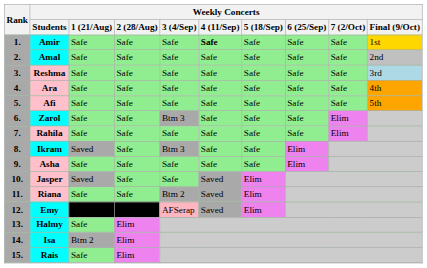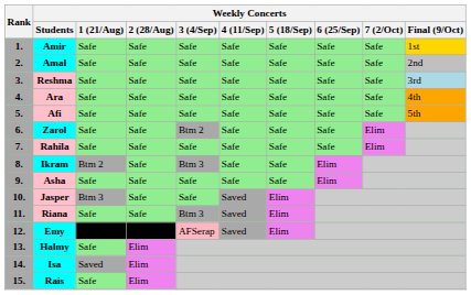 <table class="wikitable" style="font-size:90%;">
 <tr>
 <th rowspan="2">Rank</th>
 <th colspan="9">Weekly Concerts</th>
 </tr>
 <tr>
 <th>Students</th>
 <th>1 (21/Aug)</th>
 <th>2 (28/Aug)</th>
 <th>3 (4/Sep)</th>
 <th>4 (11/Sep)</th>
 <th>5 (18/Sep)</th>
 <th>6 (25/Sep)</th>
 <th>7 (2/Oct)</th>
 <th>Final (9/Oct)</th>
 </tr>
 <tr style="background: lightgreen;|">
 <th style="background: darkgray;">1.</th>
 <th style="background: cyan;">Amir</th>
 <td>Safe</td>
 <td>Safe</td>
 <td>Safe</td>
-<td><strong>Safe</strong></td>
+<td>Safe</td>
 <td>Safe</td>
 <td>Safe</td>
 <td>Safe</td>
 <td style="background: gold;">1st</td>
 </tr>
 <tr style="background: lightgreen;|">
 <th style="background: darkgray;">2.</th>
 <th style="background: cyan;">Amal</th>
 <td>Safe</td>
 <td>Safe</td>
 <td>Safe</td>
 <td>Safe</td>
 <td>Safe</td>
 <td>Safe</td>
 <td>Safe</td>
 <td style="background: silver;">2nd</td>
 </tr>
 <tr style="background: lightgreen;|">
 <th style="background: darkgray;">3.</th>
 <th style="background: pink;">Reshma</th>
 <td>Safe</td>
 <td>Safe</td>
 <td>Safe</td>
 <td>Safe</td>
 <td>Safe</td>
 <td>Safe</td>
 <td>Safe</td>
 <td style="background: lightblue;">3rd</td>
 </tr>
 <tr style="background: lightgreen;|">
 <th style="background: darkgray;">4.</th>
 <th style="background: pink;">Ara</th>
 <td>Safe</td>
 <td>Safe</td>
 <td>Safe</td>
 <td>Safe</td>
 <td>Safe</td>
 <td>Safe</td>
 <td>Safe</td>
 <td style="background: orange;">4th</td>
 </tr>
 <tr style="background: lightgreen;|">
 <th style="background: darkgray;">5.</th>
 <th style="background: pink;">Afi</th>
 <td>Safe</td>
 <td>Safe</td>
 <td>Safe</td>
 <td>Safe</td>
 <td>Safe</td>
 <td>Safe</td>
 <td>Safe</td>
 <td style="background: orange;">5th</td>
 </tr>
 <tr style="background: lightgreen;|">
 <th style="background: darkgray;">6.</th>
 <th style="background: cyan;">Zarol</th>
 <td>Safe</td>
 <td>Safe</td>
-<td style="background: darkgray;">Btm 3</td>
+<td style="background: darkgray;">Btm 2</td>
 <td>Safe</td>
 <td>Safe</td>
 <td>Safe</td>
 <td style="background: violet;">Elim</td>
 <td style="background:#CCCCCC" colspan="9"></td>
 </tr>
 <tr style="background: lightgreen;|">
 <th style="background: darkgray;">7.</th>
 <th style="background: pink;">Rahila</th>
 <td>Safe</td>
 <td>Safe</td>
 <td>Safe</td>
 <td>Safe</td>
 <td>Safe</td>
 <td>Safe</td>
 <td style="background: violet;">Elim</td>
 <td style="background:#CCCCCC" colspan="9"></td>
 </tr>
 <tr style="background: lightgreen;|">
 <th style="background: darkgray;">8.</th>
 <th style="background: cyan;">Ikram</th>
-<td style="background: darkgray;">Saved</td>
+<td style="background: darkgray;">Btm 2</td>
 <td>Safe</td>
 <td style="background: darkgray;">Btm 3</td>
 <td>Safe</td>
 <td>Safe</td>
 <td style="background: violet;">Elim</td>
 <td style="background:#CCCCCC" colspan="9"></td>
 </tr>
 <tr style="background: lightgreen;|">
 <th style="background: darkgray;">9.</th>
 <th style="background: pink;">Asha</th>
 <td>Safe</td>
 <td>Safe</td>
 <td>Safe</td>
 <td>Safe</td>
 <td>Safe</td>
 <td style="background: violet;">Elim</td>
 <td style="background:#CCCCCC" colspan="9"></td>
 </tr>
 <tr style="background: lightgreen;|">
 <th style="background: darkgray;">10.</th>
 <th style="background: pink;">Jasper</th>
-<td style="background: darkgray;">Saved</td>
+<td style="background: darkgray;">Btm 3</td>
 <td>Safe</td>
 <td>Safe</td>
 <td style="background: darkgray;">Saved</td>
 <td style="background: violet;">Elim</td>
 <td style="background:#CCCCCC" colspan="9"></td>
 </tr>
 <tr style="background: lightgreen;|">
 <th style="background: darkgray;">11.</th>
 <th style="background: pink;">Riana</th>
 <td>Safe</td>
 <td>Safe</td>
-<td style="background: darkgray;">Btm 2</td>
+<td style="background: darkgray;">Btm 3</td>
 <td style="background: darkgray;">Saved</td>
 <td style="background: violet;">Elim</td>
 <td style="background:#CCCCCC" colspan="9"></td>
 </tr>
 <tr style="background: lightgreen;|">
 <th style="background: darkgray;">12.</th>
 <th style="background: cyan;">Emy</th>
 <td style="background: black;"></td>
 <td style="background: black;"></td>
 <td style="background: lightpink;">AFSerap</td>
 <td style="background: darkgray;">Saved</td>
 <td style="background: violet;">Elim</td>
 <td style="background:#CCCCCC" colspan="9"></td>
 </tr>
 <tr style="background: lightgreen;|">
 <th style="background: darkgray;">13.</th>
 <th style="background: cyan;">Halmy</th>
 <td>Safe</td>
 <td style="background: violet;">Elim</td>
 <td style="background:#CCCCCC" colspan="9"></td>
 </tr>
 <tr style="background: lightgreen;|">
 <th style="background: darkgray;">14.</th>
 <th style="background: cyan;">Isa</th>
-<td style="background: darkgray;">Btm 2</td>
+<td style="background: darkgray;">Saved</td>
 <td style="background: violet;">Elim</td>
 <td style="background:#CCCCCC" colspan="9"></td>
 </tr>
 <tr style="background: lightgreen;|">
 <th style="background: darkgray;">15.</th>
 <th style="background: cyan;">Rais</th>
 <td>Safe</td>
 <td style="background: violet;">Elim</td>
 <td style="background:#CCCCCC" colspan="9"></td>
 </tr>
 <tr>
 </tr>
 </table>
